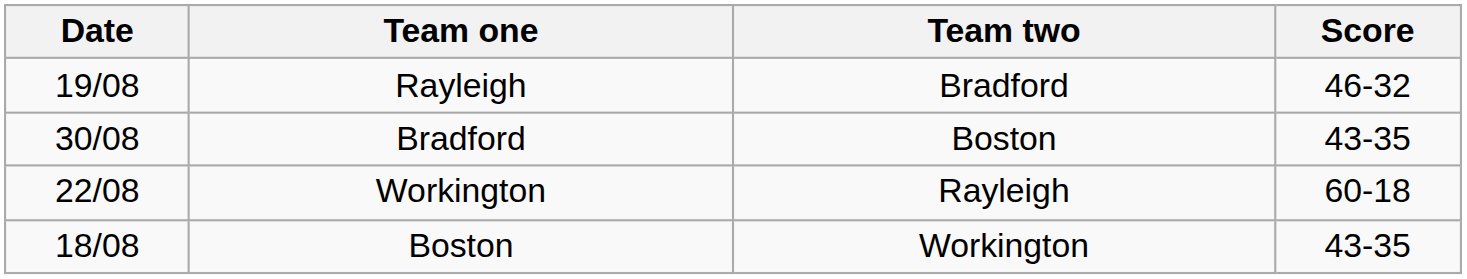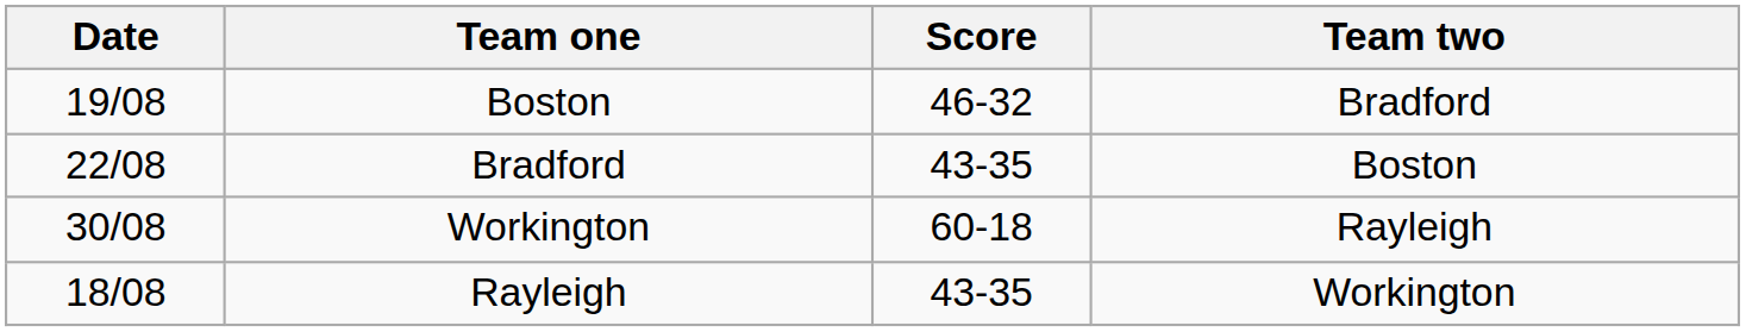 <table class="wikitable" style="text-align: center">
 <tr>
 <th width=80>Date</th>
 <th width=250>Team one</th>
+<th width=80>Score</th>
 <th width=250>Team two</th>
-<th width=80>Score</th>
 </tr>
 <tr>
 <td>19/08</td>
-<td>Rayleigh</td>
+<td>Boston</td>
+<td>46-32</td>
 <td>Bradford</td>
-<td>46-32</td>
+</tr>
+<tr>
+<td>22/08</td>
+<td>Bradford</td>
+<td>43-35</td>
+<td>Boston</td>
 </tr>
 <tr>
 <td>30/08</td>
-<td>Bradford</td>
-<td>Boston</td>
-<td>43-35</td>
-</tr>
-<tr>
-<td>22/08</td>
 <td>Workington</td>
+<td>60-18</td>
 <td>Rayleigh</td>
-<td>60-18</td>
 </tr>
 <tr>
 <td>18/08</td>
-<td>Boston</td>
+<td>Rayleigh</td>
+<td>43-35</td>
 <td>Workington</td>
-<td>43-35</td>
 </tr>
 </table>
